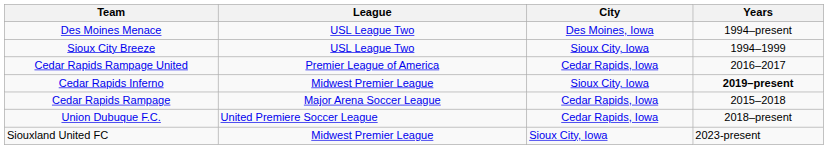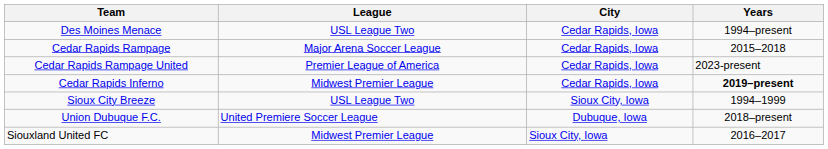 <table class="wikitable" style="font-size: 100%; width:75%;">
 <tr>
 <th rowspan="1" style="width:18%;">Team</th>
 <th rowspan="1" style="width:26%;">League</th>
 <th rowspan="1" style="width:14%;">City</th>
 <th rowspan="1" style="width:11%;">Years</th>
 </tr>
 <tr>
 <td align="center" style="background:"><a href='#'>Des Moines Menace</a></td>
 <td align="center" style="background:"><a href='#'>USL League Two</a></td>
-<td align="center" style="background:"><a href='#'>Des Moines, Iowa</a></td>
+<td align="center" style="background:"><a href='#'>Cedar Rapids, Iowa</a></td>
 <td align="center" style="background:">1994–present</td>
+</tr>
+<tr>
+<td align="center" style="background:"><a href='#'>Cedar Rapids Rampage</a></td>
+<td align="center" style="background:"><a href='#'>Major Arena Soccer League</a></td>
+<td align="center" style="background:"><a href='#'>Cedar Rapids, Iowa</a></td>
+<td align="center" style="background:">2015–2018</td>
+</tr>
+<tr>
+<td align="center" style="background:"><a href='#'>Cedar Rapids Rampage United</a></td>
+<td align="center" style="background:"><a href='#'>Premier League of America</a></td>
+<td align="center" style="background:"><a href='#'>Cedar Rapids, Iowa</a></td>
+<td>2023-present</td>
+</tr>
+<tr>
+<td align="center" style="background:"><a href='#'>Cedar Rapids Inferno</a></td>
+<td align="center" style="background:"><a href='#'>Midwest Premier League</a></td>
+<td align="center" style="background:"><a href='#'>Cedar Rapids, Iowa</a></td>
+<td align="center" style="background:"><strong>2019–present</strong></td>
 </tr>
 <tr>
 <td align="center" style="background:"><a href='#'>Sioux City Breeze</a></td>
 <td align="center" style="background:"><a href='#'>USL League Two</a></td>
 <td align="center" style="background:"><a href='#'>Sioux City, Iowa</a></td>
 <td align="center" style="background:">1994–1999</td>
 </tr>
 <tr>
-<td align="center" style="background:"><a href='#'>Cedar Rapids Rampage United</a></td>
-<td align="center" style="background:"><a href='#'>Premier League of America</a></td>
-<td align="center" style="background:"><a href='#'>Cedar Rapids, Iowa</a></td>
-<td align="center" style="background:">2016–2017</td>
-</tr>
-<tr>
-<td align="center" style="background:"><a href='#'>Cedar Rapids Inferno</a></td>
-<td align="center" style="background:"><a href='#'>Midwest Premier League</a></td>
-<td align="center" style="background:"><a href='#'>Sioux City, Iowa</a></td>
-<td align="center" style="background:"><strong>2019–present</strong></td>
-</tr>
-<tr>
-<td align="center" style="background:"><a href='#'>Cedar Rapids Rampage</a></td>
-<td align="center" style="background:"><a href='#'>Major Arena Soccer League</a></td>
-<td align="center" style="background:"><a href='#'>Cedar Rapids, Iowa</a></td>
-<td align="center" style="background:">2015–2018</td>
-</tr>
-<tr>
 <td align="center" style="background:"><a href='#'>Union Dubuque F.C.</a></td>
 <td><a href='#'>United Premiere Soccer League</a></td>
-<td align="center" style="background:"><a href='#'>Cedar Rapids, Iowa</a></td>
+<td align="center" style="background:"><a href='#'>Dubuque, Iowa</a></td>
 <td align="center" style="background:">2018–present</td>
 </tr>
 <tr>
 <td>Siouxland United FC</td>
 <td align="center" style="background:"><a href='#'>Midwest Premier League</a></td>
 <td><a href='#'>Sioux City, Iowa</a></td>
-<td>2023-present</td>
+<td align="center" style="background:">2016–2017</td>
 </tr>
 </table>
